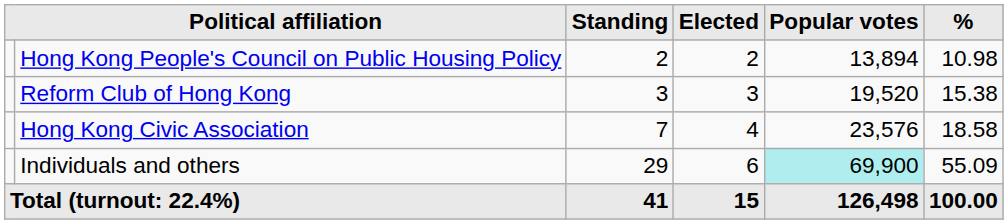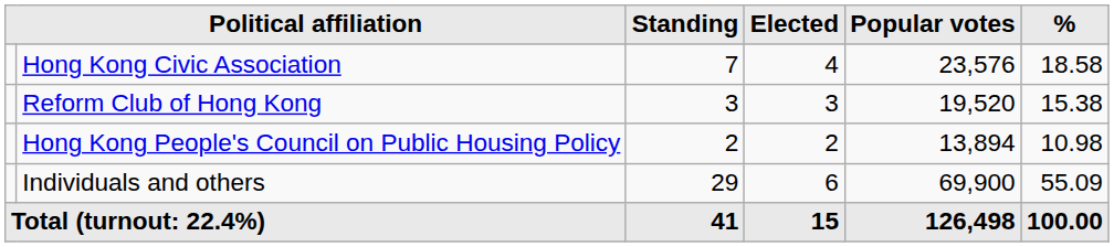 <table class="wikitable">
 <tr>
 <th style="background-color:#E9E9E9" align=center colspan=2>Political affiliation</th>
 <th style="background-color:#E9E9E9" align=center>Standing</th>
 <th style="background-color:#E9E9E9" align=center>Elected</th>
 <th style="background-color:#E9E9E9" align=center>Popular votes</th>
 <th style="background-color:#E9E9E9" align=center>%</th>
+</tr>
+<tr align=right>
+<td style="background-color:"></td>
+<td align=left><a href='#'>Hong Kong Civic Association</a></td>
+<td>7</td>
+<td>4</td>
+<td>23,576</td>
+<td>18.58</td>
+</tr>
+<tr align=right>
+<td style="background-color:"></td>
+<td align=left><a href='#'>Reform Club of Hong Kong</a></td>
+<td>3</td>
+<td>3</td>
+<td>19,520</td>
+<td>15.38</td>
 </tr>
 <tr align=right>
 <td style="background-color:"></td>
 <td align=left><a href='#'>Hong Kong People's Council on Public Housing Policy</a></td>
 <td>2</td>
 <td>2</td>
 <td>13,894</td>
 <td>10.98</td>
 </tr>
 <tr align=right>
 <td style="background-color:"></td>
-<td align=left><a href='#'>Reform Club of Hong Kong</a></td>
-<td>3</td>
-<td>3</td>
-<td>19,520</td>
-<td>15.38</td>
-</tr>
-<tr align=right>
-<td style="background-color:"></td>
-<td align=left><a href='#'>Hong Kong Civic Association</a></td>
-<td>7</td>
-<td>4</td>
-<td>23,576</td>
-<td>18.58</td>
-</tr>
-<tr align=right>
-<td style="background-color:"></td>
 <td align=left>Individuals and others</td>
 <td>29</td>
 <td>6</td>
-<td style="background: paleturquoise;">69,900</td>
+<td>69,900</td>
 <td>55.09</td>
 </tr>
 <tr align=right>
 <td align=left style="background-color:#E9E9E9" colspan="2"><strong>Total (turnout: 22.4%)</strong></td>
 <td align="right" style="background-color:#E9E9E9"><strong>41</strong></td>
 <td align="right" style="background-color:#E9E9E9"><strong>15</strong></td>
 <td align="right" style="background-color:#E9E9E9"><strong>126,498</strong></td>
 <td align="right" style="background-color:#E9E9E9"><strong>100.00</strong></td>
 </tr>
 </table>
